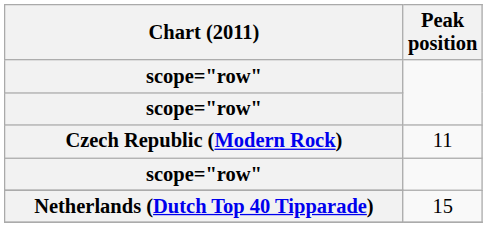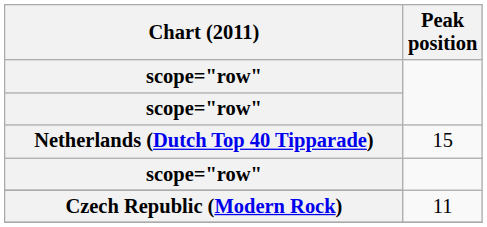 <table class="wikitable sortable plainrowheaders" style="text-align:center">
 <tr>
 <th scope="col" style="width:19em;">Chart (2011)</th>
 <th scope="col">Peak<br>position</th>
 </tr>
 <tr>
 <th>scope="row" </th>
 </tr>
 <tr>
 <th>scope="row" </th>
 </tr>
 <tr>
-<th scope="row">Czech Republic (<a href='#'>Modern Rock</a>)</th>
-<td style="text-align:center;">11</td>
+<th scope="row">Netherlands (<a href='#'>Dutch Top 40 Tipparade</a>)</th>
+<td>15</td>
 </tr>
 <tr>
 <th>scope="row" </th>
 </tr>
 <tr>
 </tr>
 <tr>
-<th scope="row">Netherlands (<a href='#'>Dutch Top 40 Tipparade</a>)</th>
-<td>15</td>
+<th scope="row">Czech Republic (<a href='#'>Modern Rock</a>)</th>
+<td style="text-align:center;">11</td>
 </tr>
 <tr>
 </tr>
 </table>
